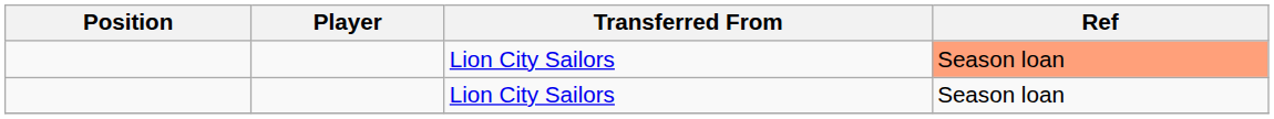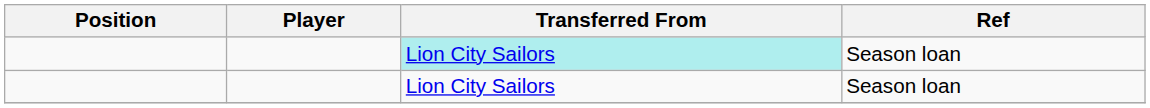 <table class="wikitable sortable" style="width:70%; text-align:center; font-size:100%; text-align:left;">
 <tr>
 <th>Position</th>
 <th>Player</th>
 <th>Transferred From</th>
 <th>Ref</th>
 </tr>
 <tr>
 <td></td>
 <td></td>
-<td> <a href='#'>Lion City Sailors</a></td>
-<td style="background: lightsalmon;">Season loan </td>
+<td style="background: paleturquoise;"> <a href='#'>Lion City Sailors</a></td>
+<td>Season loan </td>
 </tr>
 <tr>
 <td></td>
 <td></td>
 <td> <a href='#'>Lion City Sailors</a></td>
 <td>Season loan </td>
 </tr>
 <tr>
 </tr>
 </table>
